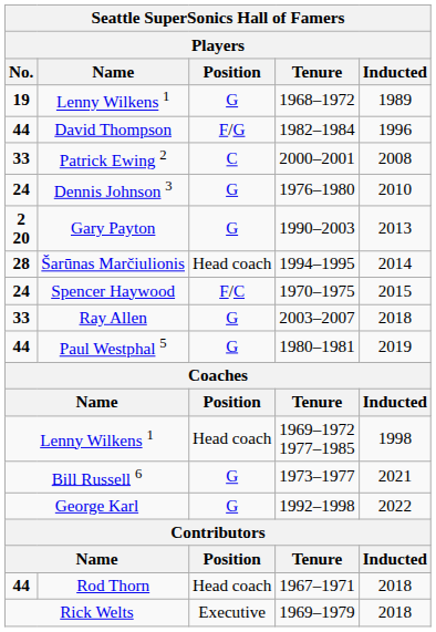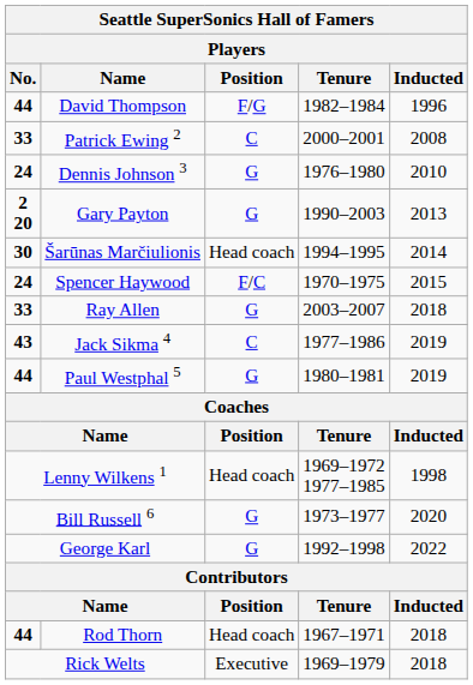 <table class="wikitable" style="text-align:center">
 <tr>
 <th colspan="5">Seattle SuperSonics Hall of Famers</th>
 </tr>
 <tr>
 <th colspan="5" style="text-align:center; ">Players</th>
 </tr>
 <tr>
 <th>No.</th>
 <th>Name</th>
 <th>Position</th>
 <th>Tenure</th>
 <th>Inducted</th>
-</tr>
-<tr>
-<td><strong>19</strong></td>
-<td><a href='#'>Lenny Wilkens</a> <sup>1</sup></td>
-<td><a href='#'>G</a></td>
-<td>1968–1972</td>
-<td>1989</td>
 </tr>
 <tr>
 <td><strong>44</strong></td>
 <td><a href='#'>David Thompson</a></td>
 <td><a href='#'>F</a>/<a href='#'>G</a></td>
 <td>1982–1984</td>
 <td>1996</td>
 </tr>
 <tr>
 <td><strong>33</strong></td>
 <td><a href='#'>Patrick Ewing</a> <sup>2</sup></td>
 <td><a href='#'>C</a></td>
 <td>2000–2001</td>
 <td>2008</td>
 </tr>
 <tr>
 <td><strong>24</strong></td>
 <td><a href='#'>Dennis Johnson</a> <sup>3</sup></td>
 <td><a href='#'>G</a></td>
 <td>1976–1980</td>
 <td>2010</td>
 </tr>
 <tr>
 <td><strong>2</strong><br><strong>20</strong></td>
 <td><a href='#'>Gary Payton</a></td>
 <td><a href='#'>G</a></td>
 <td>1990–2003</td>
 <td>2013</td>
 </tr>
 <tr>
-<td><strong>28</strong></td>
+<td><strong>30</strong></td>
 <td><a href='#'>Šarūnas Marčiulionis</a></td>
 <td>Head coach</td>
 <td>1994–1995</td>
 <td>2014</td>
 </tr>
 <tr>
 <td><strong>24</strong></td>
 <td><a href='#'>Spencer Haywood</a></td>
 <td><a href='#'>F</a>/<a href='#'>C</a></td>
 <td>1970–1975</td>
 <td>2015</td>
 </tr>
 <tr>
 <td><strong>33</strong></td>
 <td><a href='#'>Ray Allen</a></td>
 <td><a href='#'>G</a></td>
 <td>2003–2007</td>
 <td>2018</td>
+</tr>
+<tr>
+<td><strong>43</strong></td>
+<td><a href='#'>Jack Sikma</a> <sup>4</sup></td>
+<td><a href='#'>C</a></td>
+<td>1977–1986</td>
+<td>2019</td>
 </tr>
 <tr>
 <td><strong>44</strong></td>
 <td><a href='#'>Paul Westphal</a> <sup>5</sup></td>
 <td><a href='#'>G</a></td>
 <td>1980–1981</td>
 <td>2019</td>
 </tr>
 <tr>
 <th colspan="5" style="text-align:center; ">Coaches</th>
 </tr>
 <tr>
 <th colspan="2">Name</th>
 <th>Position</th>
 <th>Tenure</th>
 <th>Inducted</th>
 </tr>
 <tr>
 <td colspan="2"><a href='#'>Lenny Wilkens</a> <sup>1</sup></td>
 <td>Head coach</td>
 <td>1969–1972<br>1977–1985</td>
 <td>1998</td>
 </tr>
 <tr>
 <td colspan="2"><a href='#'>Bill Russell</a> <sup>6</sup></td>
 <td><a href='#'>G</a></td>
 <td>1973–1977</td>
-<td>2021</td>
+<td>2020</td>
 </tr>
 <tr>
 <td colspan="2"><a href='#'>George Karl</a></td>
 <td><a href='#'>G</a></td>
 <td>1992–1998</td>
 <td>2022</td>
 </tr>
 <tr>
 <th colspan="5" style="text-align:center; ">Contributors</th>
 </tr>
 <tr>
 <th colspan="2">Name</th>
 <th>Position</th>
 <th>Tenure</th>
 <th>Inducted</th>
 </tr>
 <tr>
 <td><strong>44</strong></td>
 <td><a href='#'>Rod Thorn</a></td>
 <td>Head coach</td>
 <td>1967–1971</td>
 <td>2018</td>
 </tr>
 <tr>
 <td colspan="2"><a href='#'>Rick Welts</a></td>
 <td>Executive</td>
 <td>1969–1979</td>
 <td>2018</td>
 </tr>
 </table>
